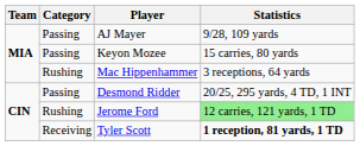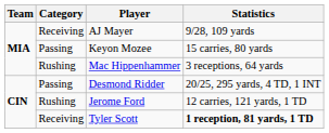 <table class="wikitable" style="float: left;">
 <tr>
 <th>Team</th>
 <th>Category</th>
 <th>Player</th>
 <th>Statistics</th>
 </tr>
 <tr>
 <td rowspan=3><strong>MIA</strong></td>
-<td>Passing</td>
+<td>Receiving</td>
 <td>AJ Mayer</td>
 <td>9/28, 109 yards</td>
 </tr>
 <tr>
 <td>Passing</td>
 <td>Keyon Mozee</td>
 <td>15 carries, 80 yards</td>
 </tr>
 <tr>
 <td>Rushing</td>
 <td><a href='#'>Mac Hippenhammer</a></td>
 <td>3 receptions, 64 yards</td>
 </tr>
 <tr>
 <td rowspan=3><strong>CIN</strong></td>
 <td>Passing</td>
 <td><a href='#'>Desmond Ridder</a></td>
 <td>20/25, 295 yards, 4 TD, 1 INT</td>
 </tr>
 <tr>
 <td>Rushing</td>
 <td><a href='#'>Jerome Ford</a></td>
-<td style="background: lightgreen;">12 carries, 121 yards, 1 TD</td>
+<td>12 carries, 121 yards, 1 TD</td>
 </tr>
 <tr>
 <td>Receiving</td>
 <td><a href='#'>Tyler Scott</a></td>
 <td><strong>1 reception, 81 yards, 1 TD</strong></td>
 </tr>
 </table>
